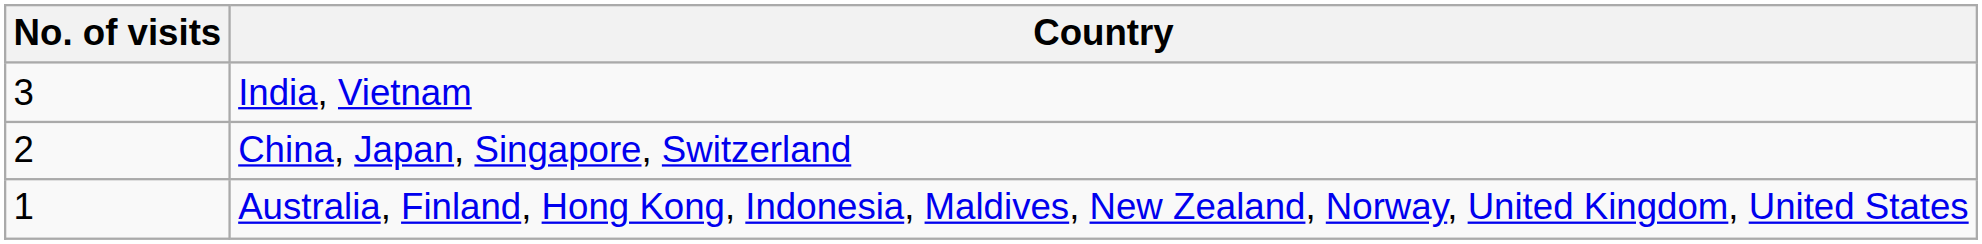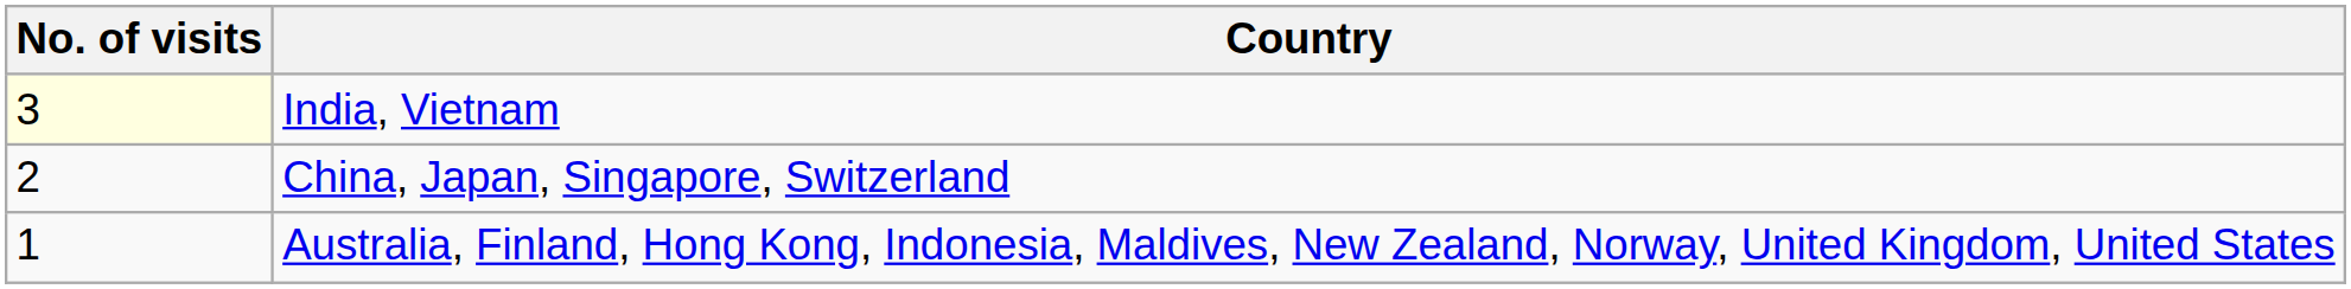 <table class=wikitable>
 <tr>
 <th>No. of visits</th>
 <th>Country</th>
 </tr>
 <tr>
-<td>3</td>
+<td style="background: lightyellow;">3</td>
 <td><a href='#'>India</a>, <a href='#'>Vietnam</a></td>
 </tr>
 <tr>
 <td>2</td>
 <td><a href='#'>China</a>, <a href='#'>Japan</a>, <a href='#'>Singapore</a>, <a href='#'>Switzerland</a></td>
 </tr>
 <tr>
 <td>1</td>
 <td><a href='#'>Australia</a>, <a href='#'>Finland</a>, <a href='#'>Hong Kong</a>, <a href='#'>Indonesia</a>, <a href='#'>Maldives</a>, <a href='#'>New Zealand</a>, <a href='#'>Norway</a>, <a href='#'>United Kingdom</a>, <a href='#'>United States</a></td>
 </tr>
 </table>
